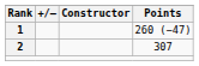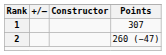 <table class="wikitable sortable" style="font-size: 95%;">
 <tr>
 </tr>
 <tr>
 <th scope="col">Rank</th>
 <th scope="col">+/–</th>
 <th scope="col">Constructor</th>
 <th scope="col">Points</th>
 </tr>
 <tr>
 <th scope="row">1</th>
 <td align="left"></td>
 <td></td>
-<td align="center">260 (−47)</td>
+<td align="center">307</td>
 </tr>
 <tr>
 <th scope="row">2</th>
 <td align="left"></td>
 <td></td>
-<td align="center">307</td>
+<td align="center">260 (−47)</td>
 </tr>
 <tr class="sortbottom">
 <td colspan="9"></td>
 </tr>
 </table>
